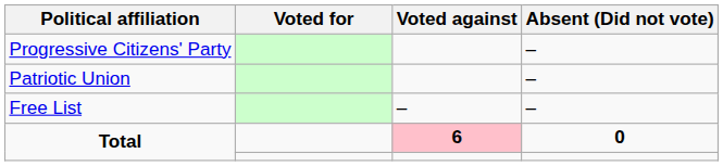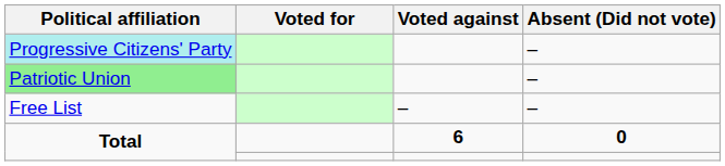 <table class="wikitable">
 <tr>
 <th>Political affiliation</th>
 <th style="width:22%;">Voted for</th>
 <th>Voted against</th>
 <th>Absent (Did not vote)</th>
 </tr>
 <tr>
-<td> <a href='#'>Progressive Citizens' Party</a></td>
+<td style="background: paleturquoise;"> <a href='#'>Progressive Citizens' Party</a></td>
 <td style="background-color:#CCFFCC;"></td>
 <td></td>
 <td>–</td>
 </tr>
 <tr>
-<td> <a href='#'>Patriotic Union</a></td>
+<td style="background: lightgreen;"> <a href='#'>Patriotic Union</a></td>
 <td style="background-color:#CCFFCC;"></td>
 <td></td>
 <td>–</td>
 </tr>
 <tr>
 <td> <a href='#'>Free List</a></td>
 <td style="background-color:#CCFFCC;"></td>
 <td>–</td>
 <td>–</td>
 </tr>
 <tr>
 <td style="text-align:center;" rowspan="2"><strong>Total</strong></td>
 <td></td>
-<td style="background: pink; text-align:center;"><strong>6</strong></td>
+<td style="text-align:center;"><strong>6</strong></td>
 <td style="text-align:center;"><strong>0</strong></td>
 </tr>
 <tr>
 <td style="text-align:center;"></td>
 <td style="text-align:center;"></td>
 <td style="text-align:center;"></td>
 </tr>
 </table>
